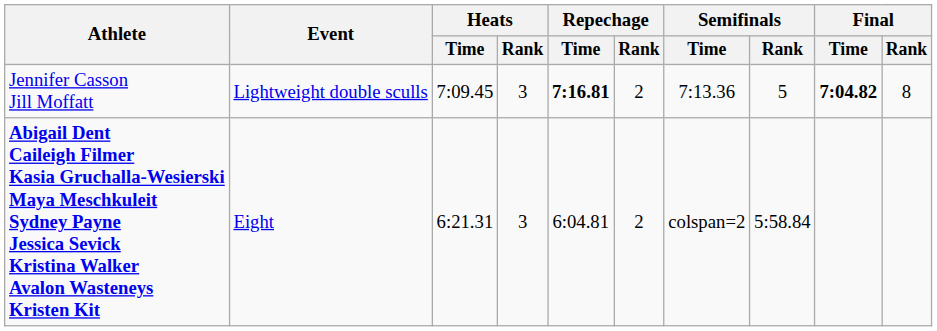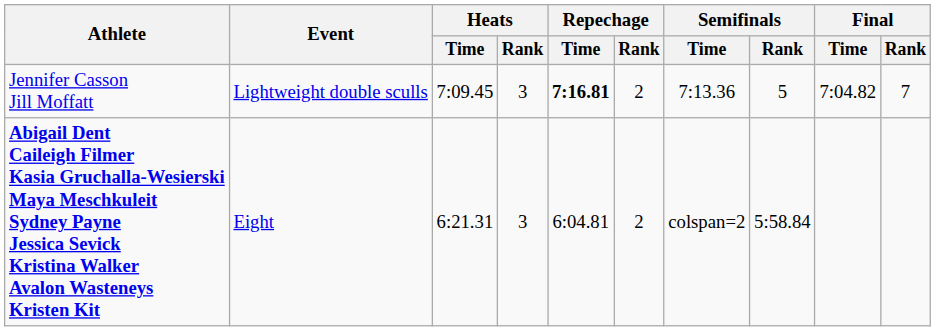 <table class=wikitable style=font-size:90%;text-align:center>
 <tr>
 <th rowspan=2>Athlete</th>
 <th rowspan=2>Event</th>
 <th colspan=2>Heats</th>
 <th colspan=2>Repechage</th>
 <th colspan=2>Semifinals</th>
 <th colspan=2>Final</th>
 </tr>
 <tr style=font-size:95%>
 <th>Time</th>
 <th>Rank</th>
 <th>Time</th>
 <th>Rank</th>
 <th>Time</th>
 <th>Rank</th>
 <th>Time</th>
 <th>Rank</th>
 </tr>
 <tr>
 <td align=left><a href='#'>Jennifer Casson</a><br><a href='#'>Jill Moffatt</a></td>
 <td align=left><a href='#'>Lightweight double sculls</a></td>
 <td>7:09.45</td>
 <td>3 <strong></strong></td>
 <td><strong>7:16.81</strong></td>
 <td>2 <strong></strong></td>
 <td>7:13.36</td>
 <td>5 <strong></strong></td>
-<td><strong>7:04.82</strong></td>
-<td>8</td>
+<td>7:04.82</td>
+<td>7</td>
 </tr>
 <tr>
 <td align=left><strong><a href='#'>Abigail Dent</a><br><a href='#'>Caileigh Filmer</a><br><a href='#'>Kasia Gruchalla-Wesierski</a><br><a href='#'>Maya Meschkuleit</a><br><a href='#'>Sydney Payne</a><br><a href='#'>Jessica Sevick</a><br><a href='#'>Kristina Walker</a><br><a href='#'>Avalon Wasteneys</a><br><a href='#'>Kristen Kit</a></strong> </td>
 <td align=left><a href='#'>Eight</a></td>
 <td>6:21.31</td>
 <td>3 <strong></strong></td>
 <td>6:04.81</td>
 <td>2 <strong></strong></td>
 <td>colspan=2 </td>
 <td>5:58.84</td>
 <td></td>
 </tr>
 </table>
